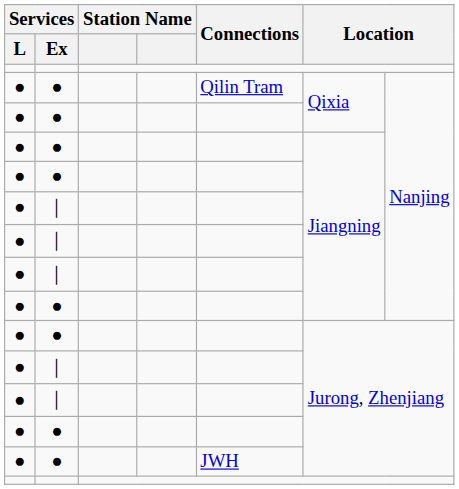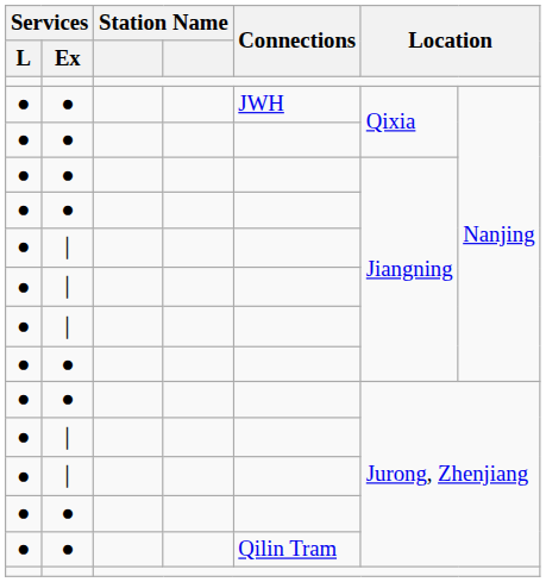 <table class="wikitable">
 <tr>
 <th colspan="2">Services</th>
 <th colspan="2">Station Name</th>
 <th rowspan="2">Connections</th>
 <th colspan="2" rowspan="2">Location</th>
 </tr>
 <tr>
 <th>L</th>
 <th>Ex</th>
 <th></th>
 <th></th>
 </tr>
 <tr style="background:#">
 <td></td>
 <td></td>
 <td colspan="8"></td>
 </tr>
 <tr>
 <td align="center">●</td>
 <td align="center">●</td>
 <td></td>
 <td></td>
-<td>  <a href='#'>Qilin Tram</a></td>
+<td> <a href='#'>JWH</a></td>
 <td rowspan="2"><a href='#'>Qixia</a></td>
 <td rowspan="8"><a href='#'>Nanjing</a></td>
 </tr>
 <tr>
 <td align="center">●</td>
 <td align="center">●</td>
 <td></td>
 <td></td>
 <td></td>
 </tr>
 <tr>
 <td align="center">●</td>
 <td align="center">●</td>
 <td></td>
 <td></td>
 <td></td>
 <td rowspan="6"><a href='#'>Jiangning</a></td>
 </tr>
 <tr>
 <td align="center">●</td>
 <td align="center">●</td>
 <td></td>
 <td></td>
 <td></td>
 </tr>
 <tr>
 <td align="center">●</td>
 <td align="center">｜</td>
 <td></td>
 <td></td>
 <td></td>
 </tr>
 <tr>
 <td align="center">●</td>
 <td align="center">｜</td>
 <td></td>
 <td></td>
 <td></td>
 </tr>
 <tr>
 <td align="center">●</td>
 <td align="center">｜</td>
 <td></td>
 <td></td>
 <td></td>
 </tr>
 <tr>
 <td align="center">●</td>
 <td align="center">●</td>
 <td></td>
 <td></td>
 <td></td>
 </tr>
 <tr>
 <td align="center">●</td>
 <td align="center">●</td>
 <td></td>
 <td></td>
 <td></td>
 <td colspan="2" rowspan="5"><a href='#'>Jurong</a>, <a href='#'>Zhenjiang</a></td>
 </tr>
 <tr>
 <td align="center">●</td>
 <td align="center">｜</td>
 <td></td>
 <td></td>
 <td></td>
 </tr>
 <tr>
 <td align="center">●</td>
 <td align="center">｜</td>
 <td></td>
 <td></td>
 <td></td>
 </tr>
 <tr>
 <td align="center">●</td>
 <td align="center">●</td>
 <td></td>
 <td></td>
 <td></td>
 </tr>
 <tr>
 <td align="center">●</td>
 <td align="center">●</td>
 <td></td>
 <td></td>
-<td> <a href='#'>JWH</a></td>
+<td>  <a href='#'>Qilin Tram</a></td>
 </tr>
 <tr style="background:#">
 <td></td>
 <td></td>
 <td colspan="8"></td>
 </tr>
 </table>
